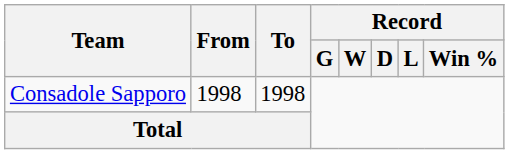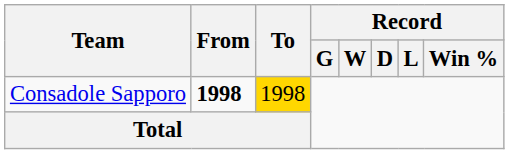 <table class="wikitable" style="text-align: center">
 <tr>
 <th rowspan="2">Team</th>
 <th rowspan="2">From</th>
 <th rowspan="2">To</th>
 <th colspan="5">Record</th>
 </tr>
 <tr>
 <th>G</th>
 <th>W</th>
 <th>D</th>
 <th>L</th>
 <th>Win %</th>
 </tr>
 <tr>
 <td align="left"><a href='#'>Consadole Sapporo</a></td>
-<td align="left">1998</td>
-<td align="left">1998<br></td>
+<td align="left"><strong>1998</strong></td>
+<td align="left" style="background: gold;">1998<br></td>
 </tr>
 <tr>
 <th colspan="3">Total<br></th>
 </tr>
 </table>
